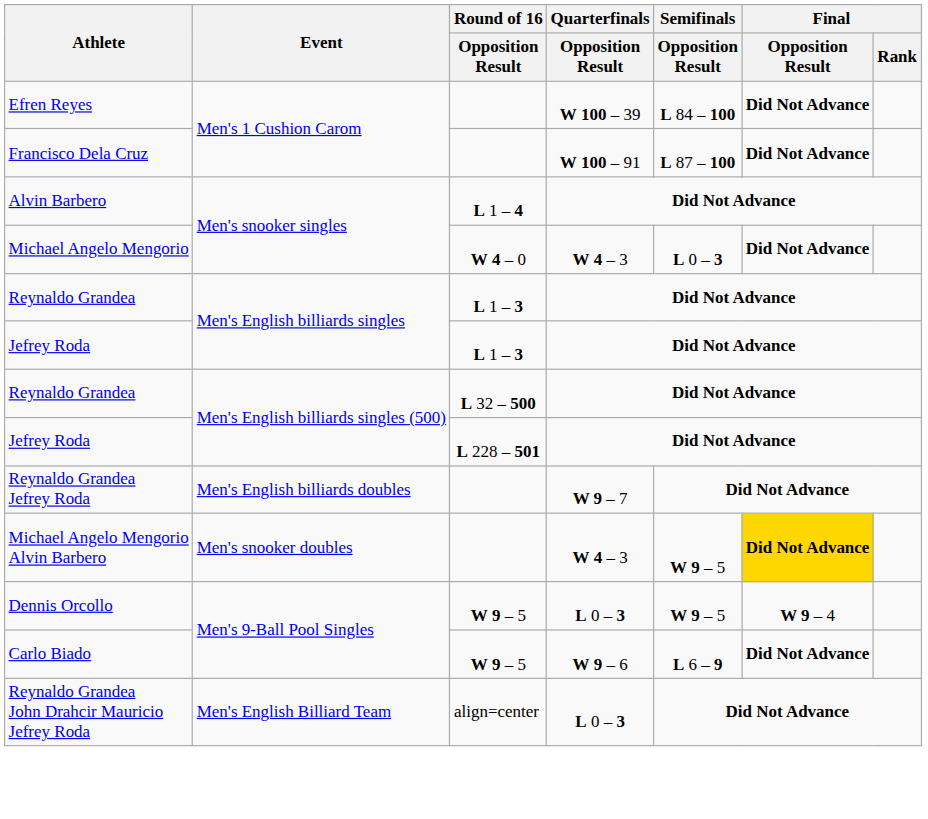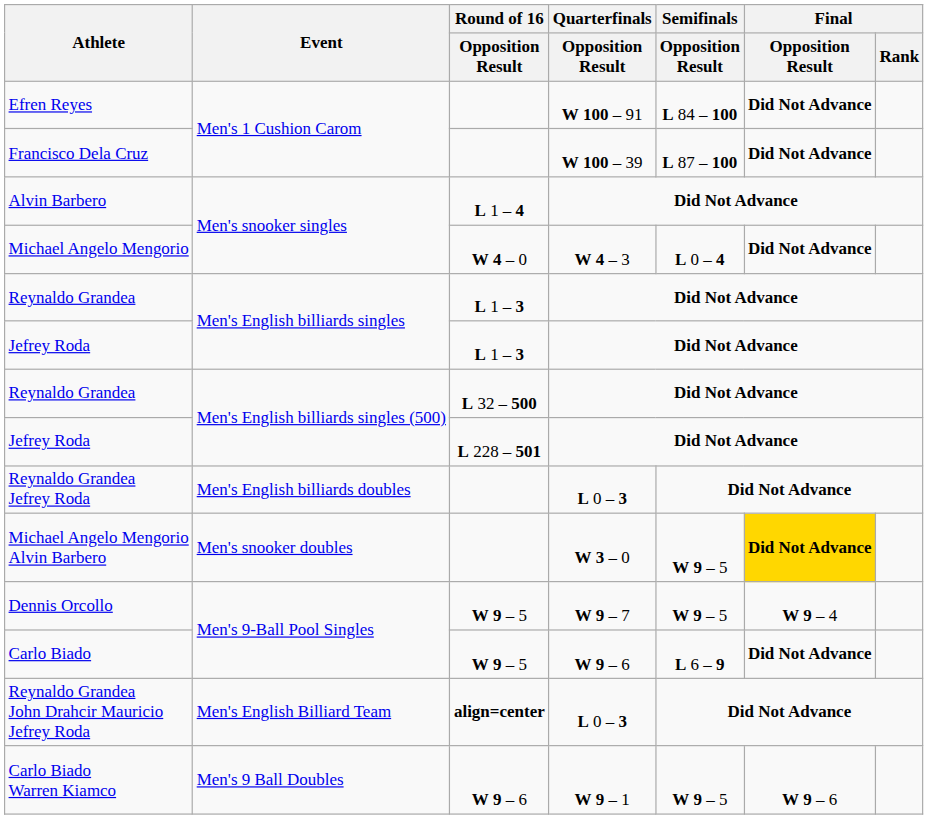 <table class=wikitable style="font-size:90%">
 <tr>
 <th rowspan=2>Athlete</th>
 <th rowspan=2>Event</th>
 <th>Round of 16</th>
 <th>Quarterfinals</th>
 <th>Semifinals</th>
 <th colspan=2>Final</th>
 </tr>
 <tr>
 <th>Opposition<br>Result</th>
 <th>Opposition<br>Result</th>
 <th>Opposition<br>Result</th>
 <th>Opposition<br>Result</th>
 <th>Rank</th>
 </tr>
 <tr>
 <td><a href='#'>Efren Reyes</a></td>
 <td rowspan=2><a href='#'>Men's 1 Cushion Carom</a></td>
 <td></td>
-<td align=center> <br> <strong>W</strong> <strong>100</strong> – 39</td>
+<td align=center> <br> <strong>W</strong> <strong>100</strong> – 91</td>
 <td align=center> <br><strong>L</strong> 84 – <strong>100</strong></td>
 <td align=center><strong>Did Not Advance</strong></td>
 <td align=center></td>
 </tr>
 <tr>
 <td><a href='#'>Francisco Dela Cruz</a></td>
 <td></td>
-<td align=center> <br> <strong>W</strong> <strong>100</strong> – 91</td>
+<td align=center> <br> <strong>W</strong> <strong>100</strong> – 39</td>
 <td align=center> <br> <strong>L</strong> 87 – <strong>100</strong></td>
 <td align=center><strong>Did Not Advance</strong></td>
 <td align=center></td>
 </tr>
 <tr>
 <td><a href='#'>Alvin Barbero</a></td>
 <td rowspan=2><a href='#'>Men's snooker singles</a></td>
 <td align=center> <br> <strong>L</strong> 1 – <strong>4</strong></td>
 <td align=center colspan=4><strong>Did Not Advance</strong></td>
 </tr>
 <tr>
 <td><a href='#'>Michael Angelo Mengorio</a></td>
 <td align=center> <br> <strong>W</strong> <strong>4</strong> – 0</td>
 <td align=center> <br> <strong>W</strong> <strong>4</strong> – 3</td>
-<td align=center> <br> <strong>L</strong> 0 – <strong>3</strong></td>
+<td align=center> <br> <strong>L</strong> 0 – <strong>4</strong></td>
 <td align=center><strong>Did Not Advance</strong></td>
 <td align=center></td>
 </tr>
 <tr>
 <td><a href='#'>Reynaldo Grandea</a></td>
 <td rowspan=2><a href='#'>Men's English billiards singles</a></td>
 <td align=center> <br> <strong>L</strong> 1 – <strong>3</strong></td>
 <td align=center colspan=4><strong>Did Not Advance</strong></td>
 </tr>
 <tr>
 <td><a href='#'>Jefrey Roda</a></td>
 <td align=center> <br> <strong>L</strong> 1 – <strong>3</strong></td>
 <td align=center colspan=4><strong>Did Not Advance</strong></td>
 </tr>
 <tr>
 <td><a href='#'>Reynaldo Grandea</a></td>
 <td rowspan=2><a href='#'>Men's English billiards singles (500)</a></td>
 <td align=center> <br> <strong>L</strong> 32 – <strong>500</strong></td>
 <td align=center colspan=4><strong>Did Not Advance</strong></td>
 </tr>
 <tr>
 <td><a href='#'>Jefrey Roda</a></td>
 <td align=center> <br> <strong>L</strong> 228 – <strong>501</strong></td>
 <td align=center colspan=4><strong>Did Not Advance</strong></td>
 </tr>
 <tr>
 <td><a href='#'>Reynaldo Grandea</a><br><a href='#'>Jefrey Roda</a></td>
 <td><a href='#'>Men's English billiards doubles</a></td>
 <td></td>
-<td align=center> <br> <strong>W 9</strong> – 7</td>
+<td align=center> <br> <strong>L</strong> 0 – <strong>3</strong></td>
 <td align=center colspan=3><strong>Did Not Advance</strong></td>
 </tr>
 <tr>
 <td><a href='#'>Michael Angelo Mengorio</a><br><a href='#'>Alvin Barbero</a></td>
 <td><a href='#'>Men's snooker doubles</a></td>
 <td></td>
-<td align=center> <br> <strong>W</strong> <strong>4</strong> – 3</td>
+<td align=center> <br> <strong>W</strong> <strong>3</strong> – 0</td>
 <td align=center> <br>  <br> <strong>W</strong> <strong>9</strong> – 5</td>
 <td align=center style="background: gold;"><strong>Did Not Advance</strong></td>
 <td align=center></td>
 </tr>
 <tr>
 <td><a href='#'>Dennis Orcollo</a></td>
 <td rowspan=2><a href='#'>Men's 9-Ball Pool Singles</a></td>
 <td align=center> <br> <strong>W</strong> <strong>9</strong> – 5</td>
-<td align=center> <br> <strong>L</strong> 0 – <strong>3</strong></td>
+<td align=center> <br> <strong>W 9</strong> – 7</td>
 <td align=center> <br> <strong>W 9</strong> – 5</td>
 <td align=center> <br> <strong>W 9</strong> – 4</td>
 <td align=center></td>
 </tr>
 <tr>
 <td><a href='#'>Carlo Biado</a></td>
 <td align=center> <br> <strong>W</strong> <strong>9</strong> – 5</td>
 <td align=center> <br> <strong>W</strong> <strong>9</strong> – 6</td>
 <td align=center> <br> <strong>L</strong> 6 – <strong>9</strong></td>
 <td align=center><strong>Did Not Advance</strong></td>
 <td align=center></td>
 </tr>
 <tr>
 <td><a href='#'>Reynaldo Grandea</a><br><a href='#'>John Drahcir Mauricio</a><br><a href='#'>Jefrey Roda</a></td>
 <td><a href='#'>Men's English Billiard Team</a></td>
-<td>align=center </td>
+<td><strong>align=center </strong></td>
 <td align=center> <br> <strong>L</strong> 0 – <strong>3</strong></td>
 <td align=center colspan=3><strong>Did Not Advance</strong></td>
 </tr>
+<tr>
+<td><a href='#'>Carlo Biado</a><br><a href='#'>Warren Kiamco</a></td>
+<td><a href='#'>Men's 9 Ball Doubles</a></td>
+<td align=center> <br>  <br> <strong>W</strong> <strong>9</strong> – 6</td>
+<td align=center> <br>  <br> <strong>W</strong> <strong>9</strong> – 1</td>
+<td align=center> <br>  <br> <strong>W</strong> <strong>9</strong> – 5</td>
+<td align=center> <br>  <br> <strong>W</strong> <strong>9</strong> – 6</td>
+<td align=center></td>
+</tr>
 </table>
